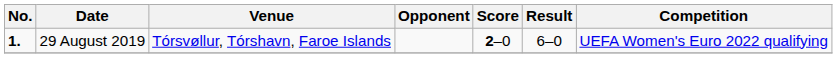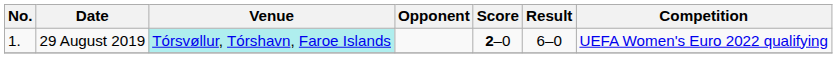 <table class="wikitable">
 <tr>
 <th>No.</th>
 <th>Date</th>
 <th>Venue</th>
 <th>Opponent</th>
 <th>Score</th>
 <th>Result</th>
 <th>Competition</th>
 </tr>
 <tr>
-<td><strong>1.</strong></td>
+<td>1.</td>
 <td>29 August 2019</td>
-<td><a href='#'>Tórsvøllur</a>, <a href='#'>Tórshavn</a>, <a href='#'>Faroe Islands</a></td>
+<td style="background: paleturquoise;"><a href='#'>Tórsvøllur</a>, <a href='#'>Tórshavn</a>, <a href='#'>Faroe Islands</a></td>
 <td></td>
 <td align=center><strong>2</strong>–0</td>
 <td align=center>6–0</td>
 <td><a href='#'>UEFA Women's Euro 2022 qualifying</a></td>
 </tr>
 <tr>
 </tr>
 </table>
